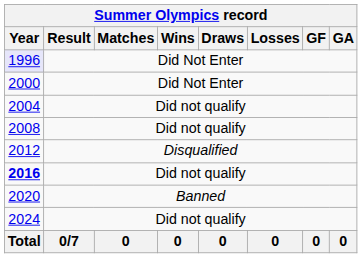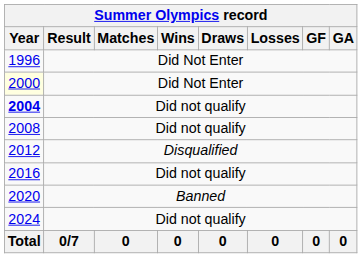 <table class="wikitable" style="text-align: center;">
 <tr>
 <th colspan=8><a href='#'>Summer Olympics</a> record</th>
 </tr>
 <tr>
 <th>Year</th>
 <th>Result</th>
 <th>Matches</th>
 <th>Wins</th>
 <th>Draws</th>
 <th>Losses</th>
 <th>GF</th>
 <th>GA</th>
 </tr>
 <tr>
-<td style="background: lavender;"> <a href='#'>1996</a></td>
+<td> <a href='#'>1996</a></td>
 <td colspan="7">Did Not Enter</td>
 </tr>
 <tr>
-<td> <a href='#'>2000</a></td>
+<td style="background: lightyellow;"> <a href='#'>2000</a></td>
 <td colspan="7">Did Not Enter</td>
 </tr>
 <tr>
-<td> <a href='#'>2004</a></td>
+<td><strong> <a href='#'>2004</a></strong></td>
 <td colspan="7">Did not qualify</td>
 </tr>
 <tr>
 <td> <a href='#'>2008</a></td>
 <td colspan="7">Did not qualify</td>
 </tr>
 <tr>
 <td> <a href='#'>2012</a></td>
 <td colspan="7"><em>Disqualified</em></td>
 </tr>
 <tr>
-<td><strong> <a href='#'>2016</a></strong></td>
+<td> <a href='#'>2016</a></td>
 <td colspan="7">Did not qualify</td>
 </tr>
 <tr>
 <td> <a href='#'>2020</a></td>
 <td colspan="7"><em>Banned</em></td>
 </tr>
 <tr>
 <td> <a href='#'>2024</a></td>
 <td colspan="7">Did not qualify</td>
 </tr>
 <tr>
 <th>Total</th>
 <th>0/7</th>
 <th>0</th>
 <th>0</th>
 <th>0</th>
 <th>0</th>
 <th>0</th>
 <th>0</th>
 </tr>
 </table>
